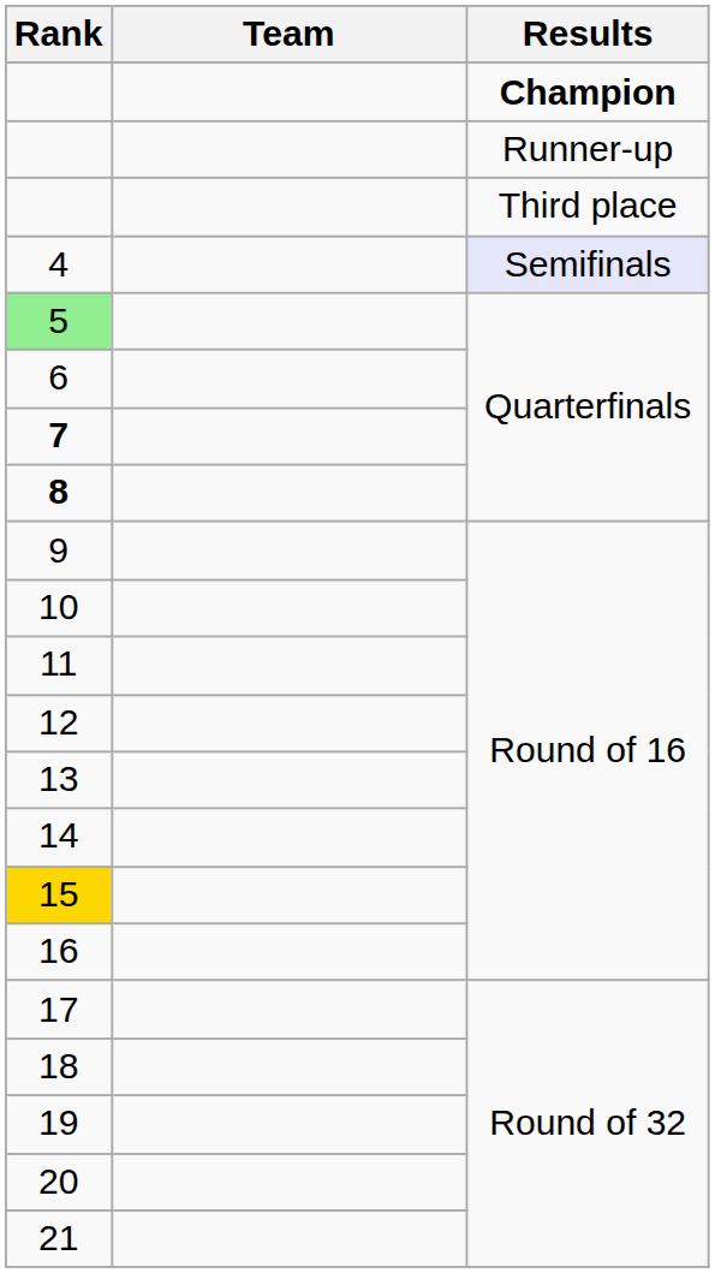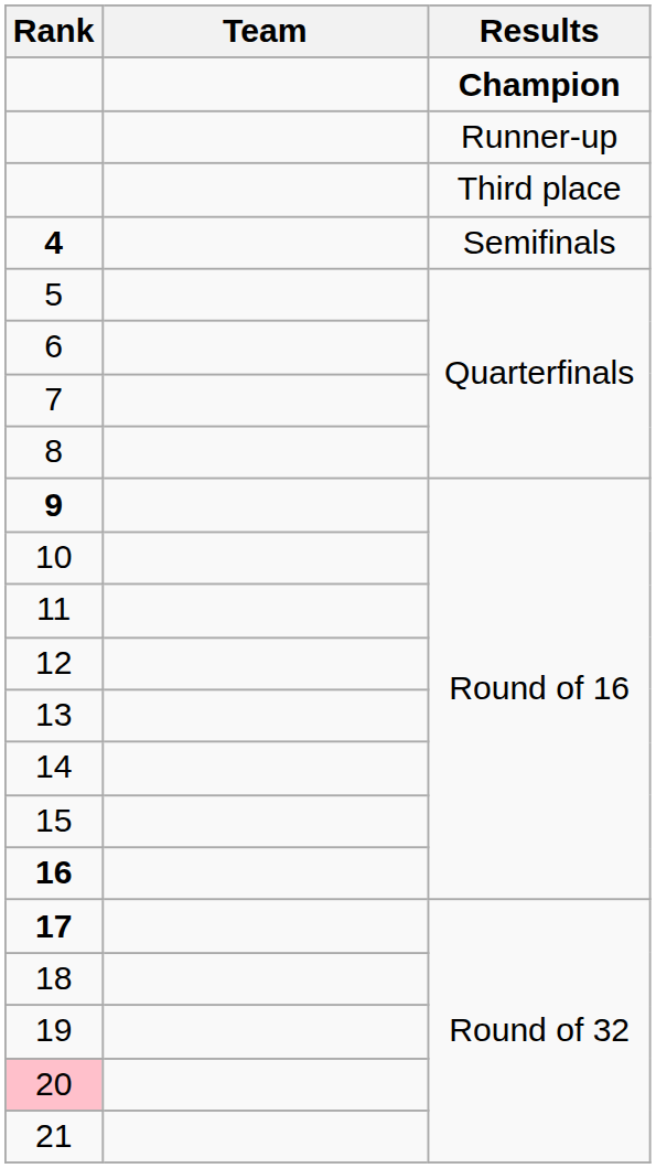 <table class="wikitable" style="text-align:center">
 <tr>
 <th width="25">Rank</th>
 <th width="150">Team</th>
 <th width="100">Results</th>
 </tr>
 <tr>
 <td></td>
 <td align="left"><strong></strong></td>
 <td><strong>Champion</strong></td>
 </tr>
 <tr>
 <td></td>
 <td align="left"></td>
 <td>Runner-up</td>
 </tr>
 <tr>
 <td></td>
 <td align="left"></td>
 <td>Third place</td>
 </tr>
 <tr>
-<td>4</td>
+<td><strong>4</strong></td>
 <td align="left"></td>
-<td style="background: lavender;">Semifinals</td>
+<td>Semifinals</td>
 </tr>
 <tr>
-<td style="background: lightgreen;">5</td>
+<td>5</td>
 <td align="left"></td>
 <td rowspan="4">Quarterfinals</td>
 </tr>
 <tr>
 <td>6</td>
 <td align="left"></td>
 </tr>
 <tr>
-<td><strong>7</strong></td>
+<td>7</td>
 <td align="left"></td>
 </tr>
 <tr>
-<td><strong>8</strong></td>
+<td>8</td>
 <td align="left"></td>
 </tr>
 <tr>
-<td>9</td>
+<td><strong>9</strong></td>
 <td align="left"></td>
 <td rowspan="8">Round of 16</td>
 </tr>
 <tr>
 <td>10</td>
 <td align="left"></td>
 </tr>
 <tr>
 <td>11</td>
 <td align="left"></td>
 </tr>
 <tr>
 <td>12</td>
 <td align="left"></td>
 </tr>
 <tr>
 <td>13</td>
 <td align="left"></td>
 </tr>
 <tr>
 <td>14</td>
 <td align="left"></td>
 </tr>
 <tr>
-<td style="background: gold;">15</td>
+<td>15</td>
 <td align="left"></td>
 </tr>
 <tr>
-<td>16</td>
+<td><strong>16</strong></td>
 <td align="left"></td>
 </tr>
 <tr>
-<td>17</td>
+<td><strong>17</strong></td>
 <td align="left"></td>
 <td rowspan="5">Round of 32</td>
 </tr>
 <tr>
 <td>18</td>
 <td align="left"></td>
 </tr>
 <tr>
 <td>19</td>
 <td align="left"></td>
 </tr>
 <tr>
-<td>20</td>
+<td style="background: pink;">20</td>
 <td align="left"></td>
 </tr>
 <tr>
 <td>21</td>
 <td align="left"></td>
 </tr>
 </table>
